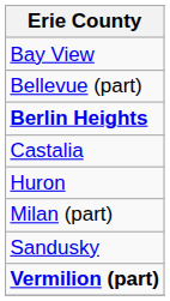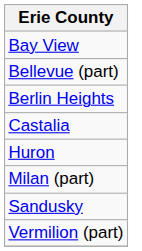 <table class="wikitable">
 <tr>
 <th>Erie County</th>
 </tr>
 <tr>
 <td><a href='#'>Bay View</a></td>
 </tr>
 <tr>
 <td><a href='#'>Bellevue</a> (part)</td>
 </tr>
 <tr>
-<td><strong><a href='#'>Berlin Heights</a></strong></td>
+<td><a href='#'>Berlin Heights</a></td>
 </tr>
 <tr>
 <td><a href='#'>Castalia</a></td>
 </tr>
 <tr>
 <td><a href='#'>Huron</a></td>
 </tr>
 <tr>
 <td><a href='#'>Milan</a> (part)</td>
 </tr>
 <tr>
 <td><a href='#'>Sandusky</a></td>
 </tr>
 <tr>
-<td><strong><a href='#'>Vermilion</a> (part)</strong></td>
+<td><a href='#'>Vermilion</a> (part)</td>
 </tr>
 <tr>
 </tr>
 </table>
